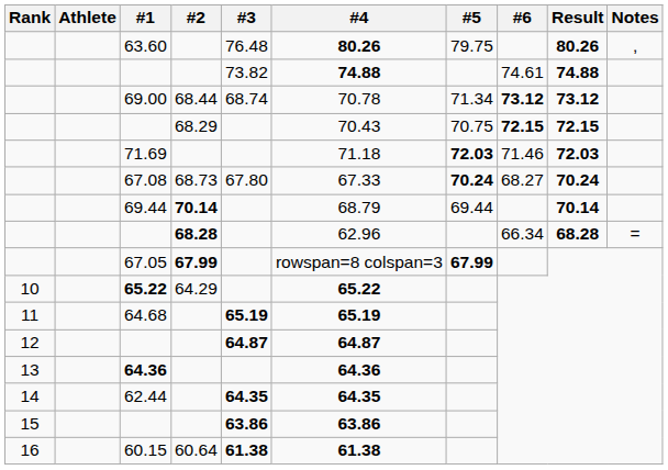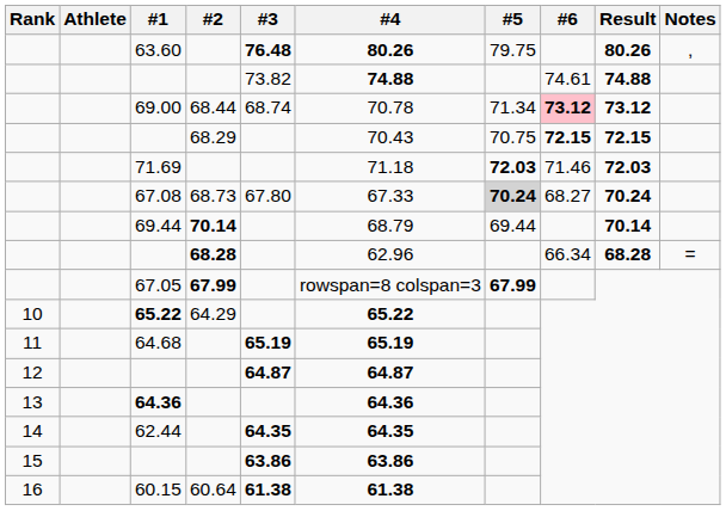 <table class="wikitable sortable" style="text-align:center">
 <tr>
 <th>Rank</th>
 <th>Athlete</th>
 <th>#1</th>
 <th>#2</th>
 <th>#3</th>
 <th>#4</th>
 <th>#5</th>
 <th>#6</th>
 <th>Result</th>
 <th>Notes</th>
 </tr>
 <tr>
 <td></td>
 <td align="left"></td>
 <td>63.60</td>
 <td></td>
-<td>76.48</td>
+<td><strong>76.48</strong></td>
 <td><strong>80.26</strong></td>
 <td>79.75</td>
 <td></td>
 <td><strong>80.26</strong></td>
 <td><strong></strong>, </td>
 </tr>
 <tr>
 <td></td>
 <td align="left"></td>
 <td></td>
 <td></td>
 <td>73.82</td>
 <td><strong>74.88</strong></td>
 <td></td>
 <td>74.61</td>
 <td><strong>74.88</strong></td>
 <td></td>
 </tr>
 <tr>
 <td></td>
 <td align="left"></td>
 <td>69.00</td>
 <td>68.44</td>
 <td>68.74</td>
 <td>70.78</td>
 <td>71.34</td>
-<td><strong>73.12</strong></td>
+<td style="background: pink;"><strong>73.12</strong></td>
 <td><strong>73.12</strong></td>
 <td></td>
 </tr>
 <tr>
 <td></td>
 <td align="left"></td>
 <td></td>
 <td>68.29</td>
 <td></td>
 <td>70.43</td>
 <td>70.75</td>
 <td><strong>72.15</strong></td>
 <td><strong>72.15</strong></td>
 <td></td>
 </tr>
 <tr>
 <td></td>
 <td align="left"></td>
 <td>71.69</td>
 <td></td>
 <td></td>
 <td>71.18</td>
 <td><strong>72.03</strong></td>
 <td>71.46</td>
 <td><strong>72.03</strong></td>
 <td></td>
 </tr>
 <tr>
 <td></td>
 <td align="left"></td>
 <td>67.08</td>
 <td>68.73</td>
 <td>67.80</td>
 <td>67.33</td>
-<td><strong>70.24</strong></td>
+<td style="background: lightgrey;"><strong>70.24</strong></td>
 <td>68.27</td>
 <td><strong>70.24</strong></td>
 <td></td>
 </tr>
 <tr>
 <td></td>
 <td align="left"></td>
 <td>69.44</td>
 <td><strong>70.14</strong></td>
 <td></td>
 <td>68.79</td>
 <td>69.44</td>
 <td></td>
 <td><strong>70.14</strong></td>
 <td></td>
 </tr>
 <tr>
 <td></td>
 <td align="left"></td>
 <td></td>
 <td><strong>68.28</strong></td>
 <td></td>
 <td>62.96</td>
 <td></td>
 <td>66.34</td>
 <td><strong>68.28</strong></td>
 <td>=</td>
 </tr>
 <tr>
 <td></td>
 <td align="left"></td>
 <td>67.05</td>
 <td><strong>67.99</strong></td>
 <td></td>
 <td>rowspan=8 colspan=3 </td>
 <td><strong>67.99</strong></td>
 <td></td>
 </tr>
 <tr>
 <td>10</td>
 <td align="left"></td>
 <td><strong>65.22</strong></td>
 <td>64.29</td>
 <td></td>
 <td><strong>65.22</strong></td>
 <td></td>
 </tr>
 <tr>
 <td>11</td>
 <td align="left"></td>
 <td>64.68</td>
 <td></td>
 <td><strong>65.19</strong></td>
 <td><strong>65.19</strong></td>
 <td></td>
 </tr>
 <tr>
 <td>12</td>
 <td align="left"></td>
 <td></td>
 <td></td>
 <td><strong>64.87</strong></td>
 <td><strong>64.87</strong></td>
 <td></td>
 </tr>
 <tr>
 <td>13</td>
 <td align="left"></td>
 <td><strong>64.36</strong></td>
 <td></td>
 <td></td>
 <td><strong>64.36</strong></td>
 <td></td>
 </tr>
 <tr>
 <td>14</td>
 <td align="left"></td>
 <td>62.44</td>
 <td></td>
 <td><strong>64.35</strong></td>
 <td><strong>64.35</strong></td>
 <td></td>
 </tr>
 <tr>
 <td>15</td>
 <td align="left"></td>
 <td></td>
 <td></td>
 <td><strong>63.86</strong></td>
 <td><strong>63.86</strong></td>
 <td></td>
 </tr>
 <tr>
 <td>16</td>
 <td align="left"></td>
 <td>60.15</td>
 <td>60.64</td>
 <td><strong>61.38</strong></td>
 <td><strong>61.38</strong></td>
 <td></td>
 </tr>
 </table>
